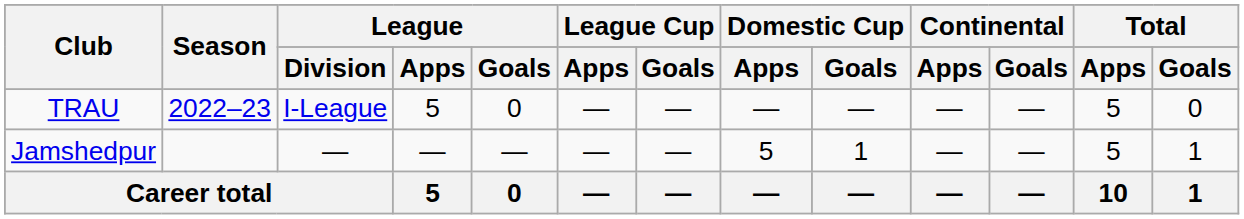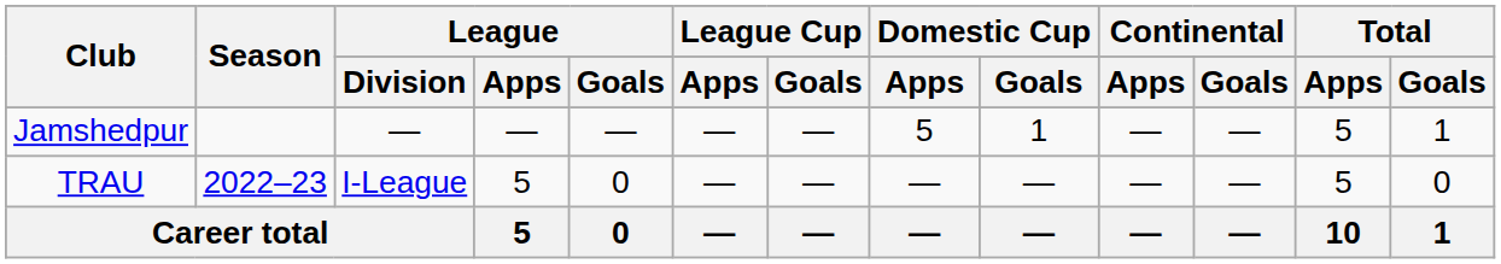 <table class="wikitable" style="text-align: center; font-size:90%;">
 <tr>
 <th rowspan="2">Club</th>
 <th rowspan="2">Season</th>
 <th colspan="3">League</th>
 <th colspan="2">League Cup</th>
 <th colspan="2">Domestic Cup</th>
 <th colspan="2">Continental</th>
 <th colspan="2">Total</th>
 </tr>
 <tr>
 <th>Division</th>
 <th>Apps</th>
 <th>Goals</th>
 <th>Apps</th>
 <th>Goals</th>
 <th>Apps</th>
 <th>Goals</th>
 <th>Apps</th>
 <th>Goals</th>
 <th>Apps</th>
 <th>Goals</th>
 </tr>
 <tr>
+<td><a href='#'>Jamshedpur</a></td>
+<td></td>
+<td>—</td>
+<td>—</td>
+<td>—</td>
+<td>—</td>
+<td>—</td>
+<td>5</td>
+<td>1</td>
+<td>—</td>
+<td>—</td>
+<td>5</td>
+<td>1</td>
+</tr>
+<tr>
 <td><a href='#'>TRAU</a></td>
 <td><a href='#'>2022–23</a></td>
 <td><a href='#'>I-League</a></td>
 <td>5</td>
 <td>0</td>
 <td>—</td>
 <td>—</td>
 <td>—</td>
 <td>—</td>
 <td>—</td>
 <td>—</td>
 <td>5</td>
 <td>0</td>
 </tr>
 <tr>
-<td><a href='#'>Jamshedpur</a></td>
-<td></td>
-<td>—</td>
-<td>—</td>
-<td>—</td>
-<td>—</td>
-<td>—</td>
-<td>5</td>
-<td>1</td>
-<td>—</td>
-<td>—</td>
-<td>5</td>
-<td>1</td>
-</tr>
-<tr>
 <th colspan="3">Career total</th>
 <th>5</th>
 <th>0</th>
 <th>—</th>
 <th>—</th>
 <th>—</th>
 <th>—</th>
 <th>—</th>
 <th>—</th>
 <th>10</th>
 <th>1</th>
 </tr>
 </table>
